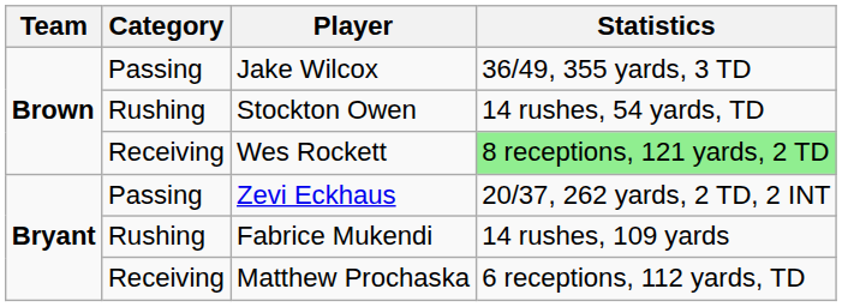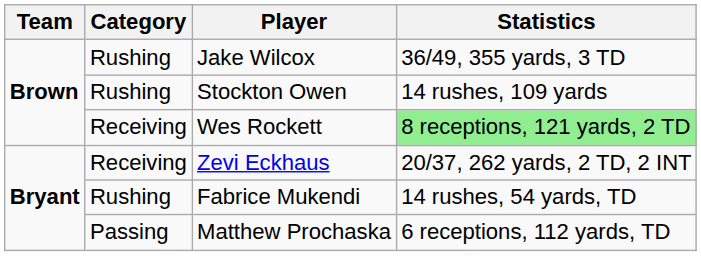 <table class="wikitable" style="float: left;">
 <tr>
 <th>Team</th>
 <th>Category</th>
 <th>Player</th>
 <th>Statistics</th>
 </tr>
 <tr>
 <td rowspan=3><strong>Brown</strong></td>
-<td>Passing</td>
+<td>Rushing</td>
 <td>Jake Wilcox</td>
 <td>36/49, 355 yards, 3 TD</td>
 </tr>
 <tr>
 <td>Rushing</td>
 <td>Stockton Owen</td>
-<td>14 rushes, 54 yards, TD</td>
+<td>14 rushes, 109 yards</td>
 </tr>
 <tr>
 <td>Receiving</td>
 <td>Wes Rockett</td>
 <td style="background: lightgreen;">8 receptions, 121 yards, 2 TD</td>
 </tr>
 <tr>
 <td rowspan=3><strong>Bryant</strong></td>
-<td>Passing</td>
+<td>Receiving</td>
 <td><a href='#'>Zevi Eckhaus</a></td>
 <td>20/37, 262 yards, 2 TD, 2 INT</td>
 </tr>
 <tr>
 <td>Rushing</td>
 <td>Fabrice Mukendi</td>
-<td>14 rushes, 109 yards</td>
+<td>14 rushes, 54 yards, TD</td>
 </tr>
 <tr>
-<td>Receiving</td>
+<td>Passing</td>
 <td>Matthew Prochaska</td>
 <td>6 receptions, 112 yards, TD</td>
 </tr>
 </table>
